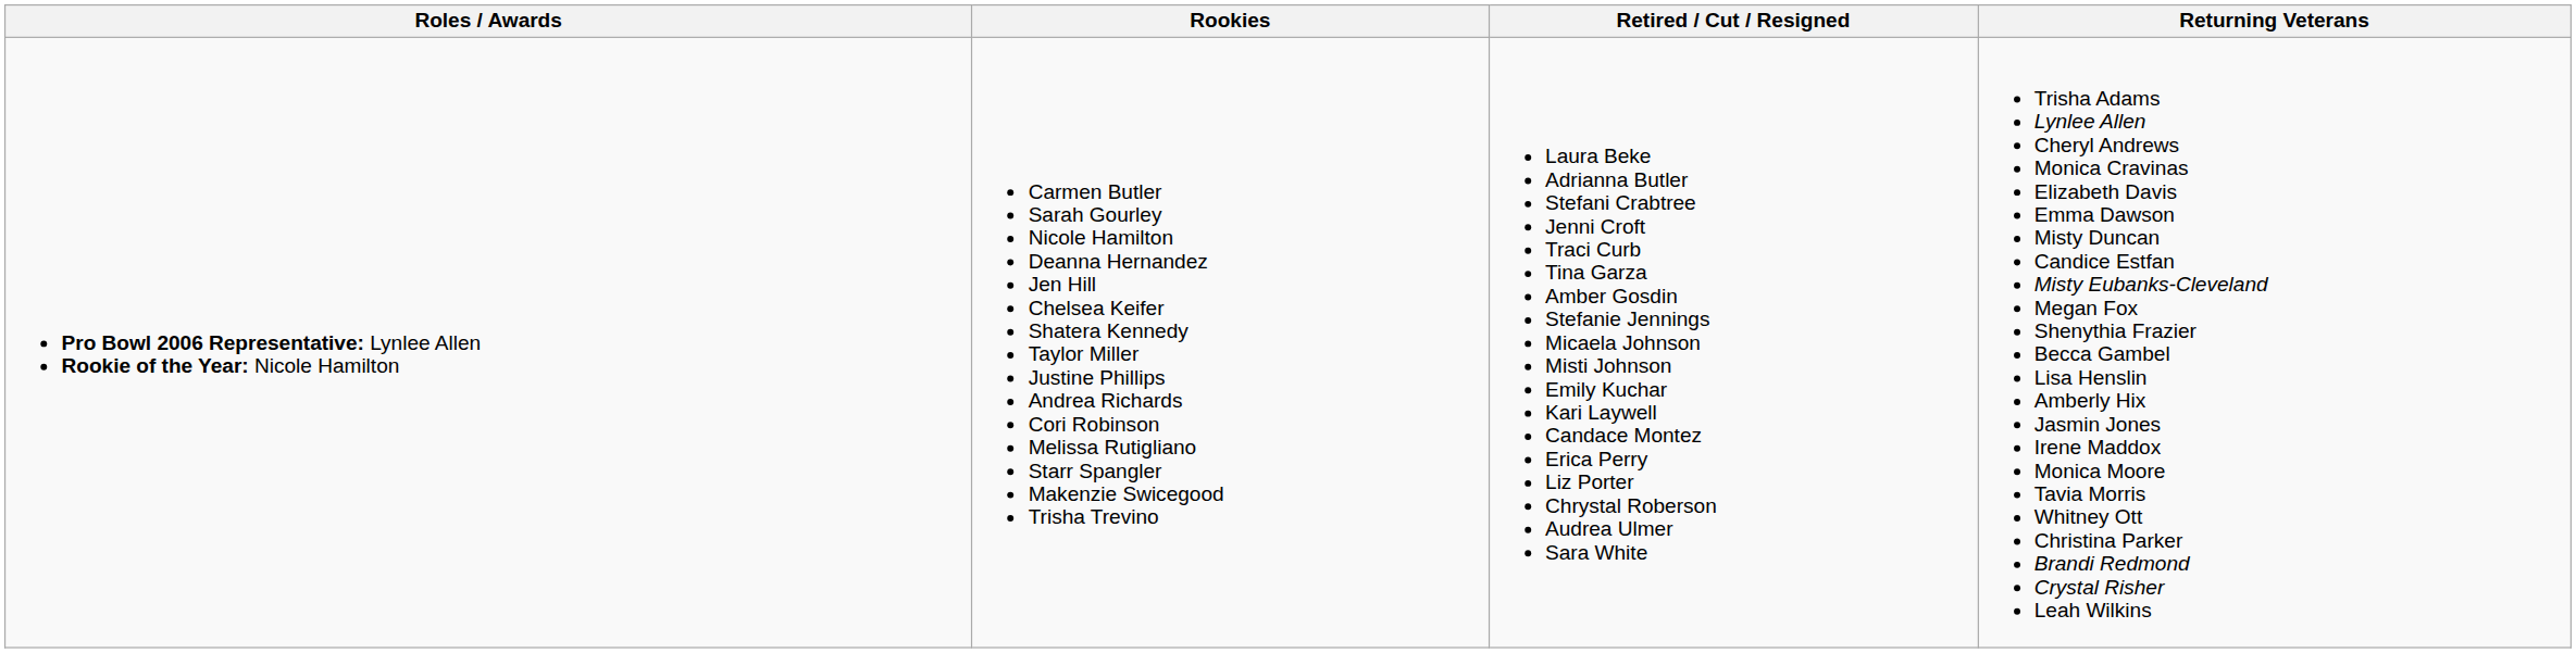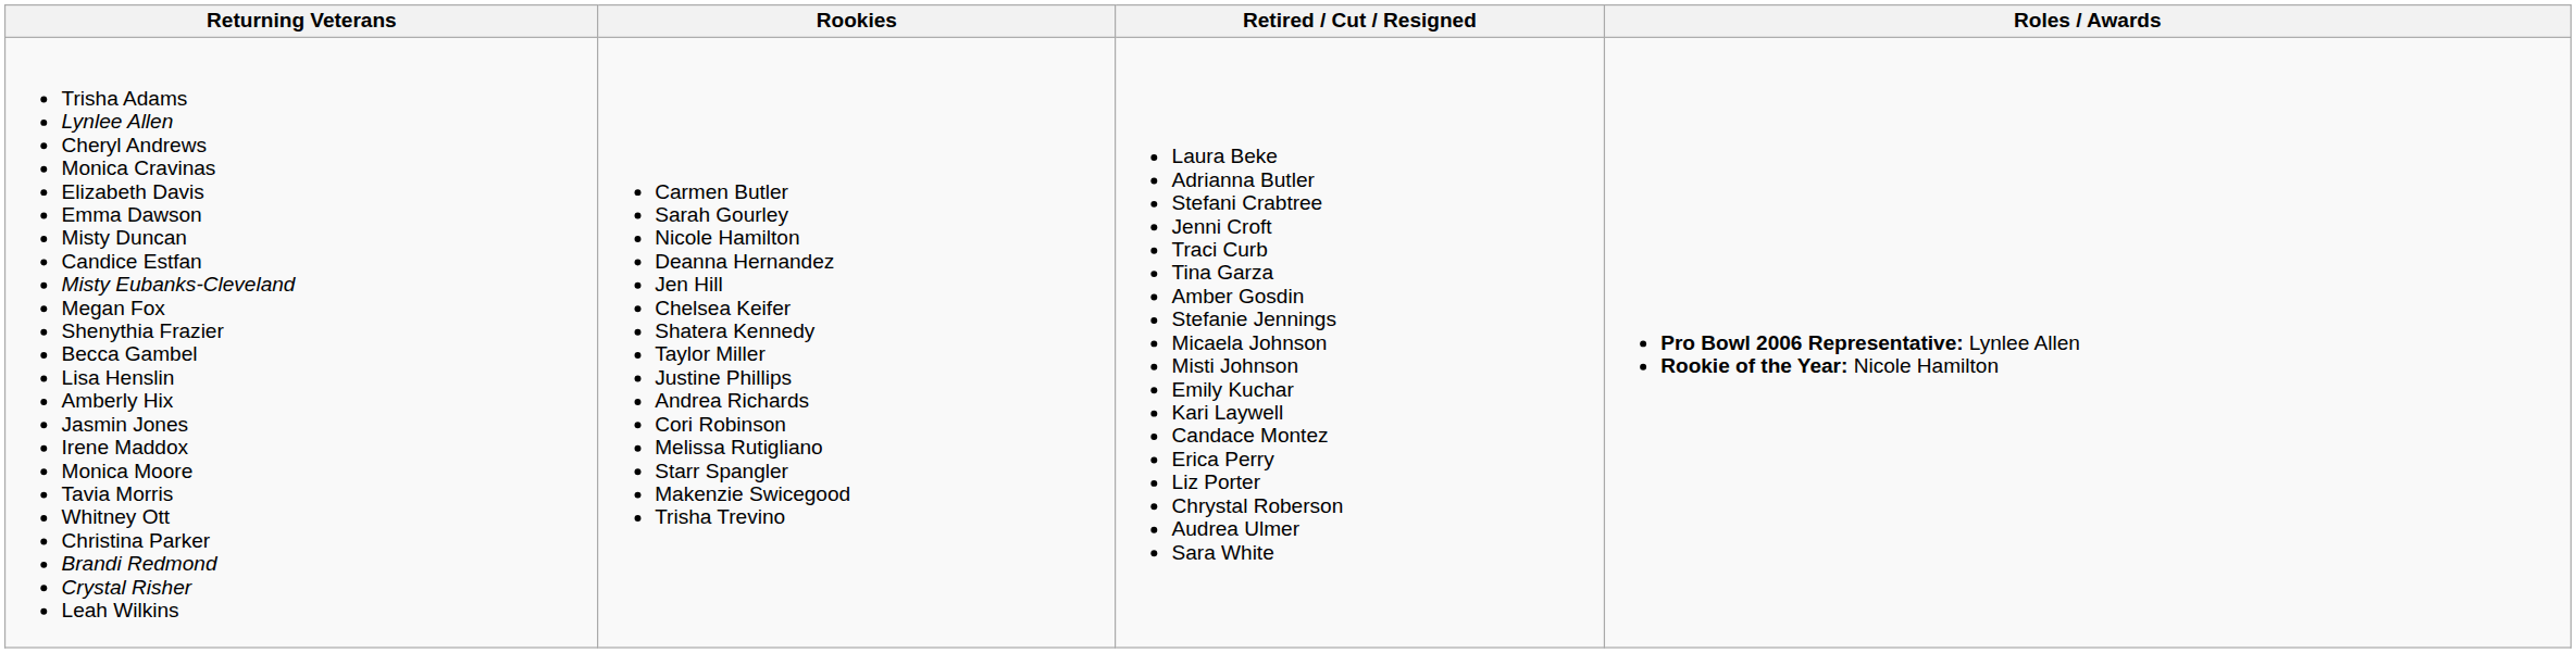 <table class="wikitable" style="width:100%;">
 <tr>
-<th>Roles / Awards</th>
+<th>Returning Veterans</th>
 <th>Rookies</th>
 <th>Retired / Cut / Resigned</th>
-<th>Returning Veterans</th>
+<th>Roles / Awards</th>
 </tr>
 <tr>
-<td><br><ul><li><strong>Pro Bowl 2006 Representative:</strong> Lynlee Allen</li><li><strong>Rookie of the Year:</strong> Nicole Hamilton</li></ul></td>
+<td><br><ul><li>Trisha Adams</li><li><em>Lynlee Allen</em></li><li>Cheryl Andrews</li><li>Monica Cravinas</li><li>Elizabeth Davis</li><li>Emma Dawson</li><li>Misty Duncan</li><li>Candice Estfan</li><li><em>Misty Eubanks-Cleveland</em></li><li>Megan Fox</li><li>Shenythia Frazier</li><li>Becca Gambel</li><li>Lisa Henslin</li><li>Amberly Hix</li><li>Jasmin Jones</li><li>Irene Maddox</li><li>Monica Moore</li><li>Tavia Morris</li><li>Whitney Ott</li><li>Christina Parker</li><li><em>Brandi Redmond</em></li><li><em>Crystal Risher</em></li><li>Leah Wilkins</li></ul></td>
 <td><br><ul><li>Carmen Butler</li><li>Sarah Gourley</li><li>Nicole Hamilton</li><li>Deanna Hernandez</li><li>Jen Hill</li><li>Chelsea Keifer</li><li>Shatera Kennedy</li><li>Taylor Miller</li><li>Justine Phillips</li><li>Andrea Richards</li><li>Cori Robinson</li><li>Melissa Rutigliano</li><li>Starr Spangler</li><li>Makenzie Swicegood</li><li>Trisha Trevino</li></ul></td>
 <td><br><ul><li>Laura Beke </li><li>Adrianna Butler </li><li>Stefani Crabtree </li><li>Jenni Croft </li><li>Traci Curb </li><li>Tina Garza </li><li>Amber Gosdin </li><li>Stefanie Jennings </li><li>Micaela Johnson </li><li>Misti Johnson </li><li>Emily Kuchar </li><li>Kari Laywell </li><li>Candace Montez </li><li>Erica Perry </li><li>Liz Porter </li><li>Chrystal Roberson </li><li>Audrea Ulmer </li><li>Sara White </li></ul></td>
-<td><br><ul><li>Trisha Adams</li><li><em>Lynlee Allen</em></li><li>Cheryl Andrews</li><li>Monica Cravinas</li><li>Elizabeth Davis</li><li>Emma Dawson</li><li>Misty Duncan</li><li>Candice Estfan</li><li><em>Misty Eubanks-Cleveland</em></li><li>Megan Fox</li><li>Shenythia Frazier</li><li>Becca Gambel</li><li>Lisa Henslin</li><li>Amberly Hix</li><li>Jasmin Jones</li><li>Irene Maddox</li><li>Monica Moore</li><li>Tavia Morris</li><li>Whitney Ott</li><li>Christina Parker</li><li><em>Brandi Redmond</em></li><li><em>Crystal Risher</em></li><li>Leah Wilkins</li></ul></td>
+<td><br><ul><li><strong>Pro Bowl 2006 Representative:</strong> Lynlee Allen</li><li><strong>Rookie of the Year:</strong> Nicole Hamilton</li></ul></td>
 </tr>
 </table>
